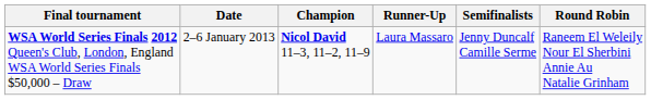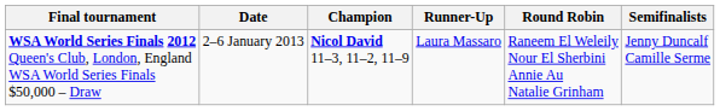 <table class="wikitable" style="font-size:88%">
 <tr>
 <th>Final tournament</th>
 <th>Date</th>
 <th>Champion</th>
 <th>Runner-Up</th>
+<th>Round Robin</th>
 <th>Semifinalists</th>
-<th>Round Robin</th>
 </tr>
 <tr valign=top>
 <td><strong><a href='#'>WSA World Series Finals</a> <a href='#'>2012</a></strong><br> <a href='#'>Queen's Club</a>, <a href='#'>London</a>, England<br><a href='#'>WSA World Series Finals</a><br>$50,000 – <a href='#'>Draw</a></td>
 <td>2–6 January 2013</td>
 <td> <strong><a href='#'>Nicol David</a></strong><br>11–3, 11–2, 11–9</td>
 <td> <a href='#'>Laura Massaro</a></td>
+<td> <a href='#'>Raneem El Weleily</a> <br>  <a href='#'>Nour El Sherbini</a> <br>  <a href='#'>Annie Au</a> <br>  <a href='#'>Natalie Grinham</a></td>
 <td> <a href='#'>Jenny Duncalf</a><br> <a href='#'>Camille Serme</a></td>
-<td> <a href='#'>Raneem El Weleily</a> <br>  <a href='#'>Nour El Sherbini</a> <br>  <a href='#'>Annie Au</a> <br>  <a href='#'>Natalie Grinham</a></td>
 </tr>
 </table>
